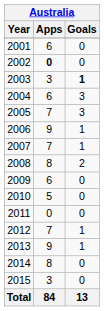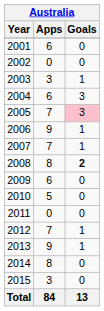 <table class="wikitable" style="text-align:center">
 <tr>
 <th colspan="3"><a href='#'>Australia</a></th>
 </tr>
 <tr>
 <th>Year</th>
 <th>Apps</th>
 <th>Goals</th>
 </tr>
 <tr>
 </tr>
 <tr>
 <td>2001</td>
 <td>6</td>
 <td>0</td>
 </tr>
 <tr>
 <td>2002</td>
-<td><strong>0</strong></td>
+<td>0</td>
 <td>0</td>
 </tr>
 <tr>
 <td>2003</td>
 <td>3</td>
-<td><strong>1</strong></td>
+<td>1</td>
 </tr>
 <tr>
 <td>2004</td>
 <td>6</td>
 <td>3</td>
 </tr>
 <tr>
 <td>2005</td>
 <td>7</td>
-<td>3</td>
+<td style="background: pink;">3</td>
 </tr>
 <tr>
 <td>2006</td>
 <td>9</td>
 <td>1</td>
 </tr>
 <tr>
 <td>2007</td>
 <td>7</td>
 <td>1</td>
 </tr>
 <tr>
 <td>2008</td>
 <td>8</td>
-<td>2</td>
+<td><strong>2</strong></td>
 </tr>
 <tr>
 <td>2009</td>
 <td>6</td>
 <td>0</td>
 </tr>
 <tr>
 <td>2010</td>
 <td>5</td>
 <td>0</td>
 </tr>
 <tr>
 <td>2011</td>
 <td>0</td>
 <td>0</td>
 </tr>
 <tr>
 <td>2012</td>
 <td>7</td>
 <td>1</td>
 </tr>
 <tr>
 <td>2013</td>
 <td>9</td>
 <td>1</td>
 </tr>
 <tr>
 <td>2014</td>
 <td>8</td>
 <td>0</td>
 </tr>
 <tr>
 <td>2015</td>
 <td>3</td>
 <td>0</td>
 </tr>
 <tr>
 <th>Total</th>
 <th>84</th>
 <th>13</th>
 </tr>
 </table>
